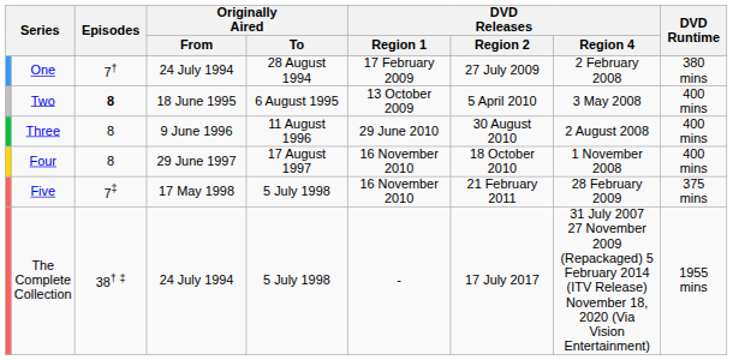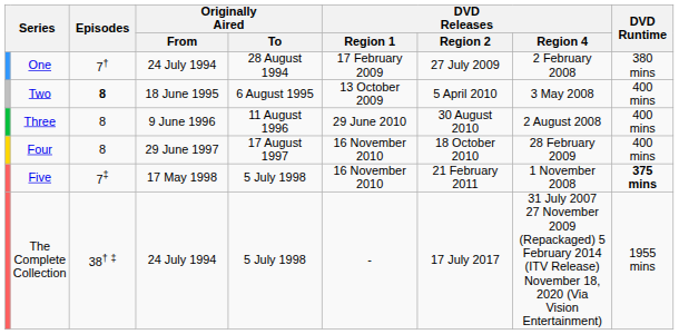 <table class="wikitable" style="text-align: center;" style="background: #FFFFFF;" width="100%">
 <tr>
 <th style="padding: 0px 8px" rowspan="2" colspan="2">Series</th>
 <th style="padding: 0px 8px" rowspan="2">Episodes</th>
 <th style="padding: 0px 8px" colspan="2">Originally<br>Aired</th>
 <th style="padding: 0px 8px" colspan="3">DVD<br>Releases</th>
 <th style="padding: 0px 8px" rowspan="2">DVD<br>Runtime</th>
 </tr>
 <tr>
 <th style="width: 125px">From</th>
 <th style="width: 125px">To</th>
 <th style="width: 125px">Region 1</th>
 <th style="width: 125px">Region 2</th>
 <th style="width: 125px">Region 4</th>
 </tr>
 <tr>
 <td bgcolor="#3198FF"></td>
 <td align="center"><a href='#'>One</a></td>
 <td align="center">7<sup>†</sup></td>
 <td style="padding: 0px 8px">24 July 1994</td>
 <td style="padding: 0px 8px">28 August 1994</td>
 <td style="padding: 0px 8px">17 February 2009</td>
 <td style="padding: 0px 8px">27 July 2009</td>
 <td style="padding: 0px 8px">2 February 2008</td>
 <td style="padding: 0px 8px">380 mins</td>
 </tr>
 <tr>
 <td bgcolor="#C0C0C0"></td>
 <td align="center"><a href='#'>Two</a></td>
 <td align="center"><strong>8</strong></td>
 <td style="padding: 0px 8px">18 June 1995</td>
 <td style="padding: 0px 8px">6 August 1995</td>
 <td style="padding: 0px 8px">13 October 2009</td>
 <td style="padding: 0px 8px">5 April 2010</td>
 <td style="padding: 0px 8px">3 May 2008</td>
 <td style="padding: 0px 8px">400 mins</td>
 </tr>
 <tr>
 <td bgcolor="#03C03C"></td>
 <td align="center"><a href='#'>Three</a></td>
 <td align="center">8</td>
 <td style="padding: 0px 8px">9 June 1996</td>
 <td style="padding: 0px 8px">11 August 1996</td>
 <td style="padding: 0px 8px">29 June 2010</td>
 <td style="padding: 0px 8px">30 August 2010</td>
 <td style="padding: 0px 8px">2 August 2008</td>
 <td style="padding: 0px 8px">400 mins</td>
 </tr>
 <tr>
 <td bgcolor="#FFD700"></td>
 <td align="center"><a href='#'>Four</a></td>
 <td align="center">8</td>
 <td style="padding: 0px 8px">29 June 1997</td>
 <td style="padding: 0px 8px">17 August 1997</td>
 <td style="padding: 0px 8px">16 November 2010</td>
 <td style="padding: 0px 8px">18 October 2010</td>
-<td style="padding: 0px 8px">1 November 2008</td>
+<td style="padding: 0px 8px">28 February 2009</td>
 <td style="padding: 0px 8px">400 mins</td>
 </tr>
 <tr>
 <td bgcolor="#FF5F5F"></td>
 <td align="center"><a href='#'>Five</a></td>
 <td align="center">7<sup>‡</sup></td>
 <td style="padding: 0px 8px">17 May 1998</td>
 <td style="padding: 0px 8px">5 July 1998</td>
 <td style="padding: 0px 8px">16 November 2010</td>
 <td style="padding: 0px 8px">21 February 2011</td>
-<td style="padding: 0px 8px">28 February 2009</td>
-<td style="padding: 0px 8px">375 mins</td>
+<td style="padding: 0px 8px">1 November 2008</td>
+<td style="padding: 0px 8px"><strong>375 mins</strong></td>
 </tr>
 <tr>
 <td bgcolor="#FF5F5F"></td>
 <td align="center">The Complete Collection</td>
 <td align="center">38<sup>† ‡</sup></td>
 <td style="padding: 0px 8px">24 July 1994</td>
 <td style="padding: 0px 8px">5 July 1998</td>
 <td style="padding: 0px 8px">-</td>
 <td style="padding: 0px 8px">17 July 2017</td>
 <td style="padding: 0px 8px">31 July 2007<br>27 November 2009 (Repackaged) 5 February 2014 (ITV Release)<br>November 18, 2020 (Via Vision Entertainment)</td>
 <td style="padding: 0px 8px">1955 mins</td>
 </tr>
 </table>
